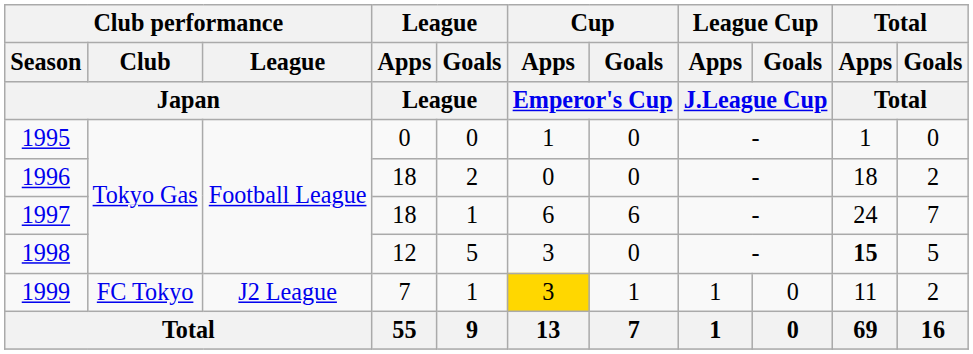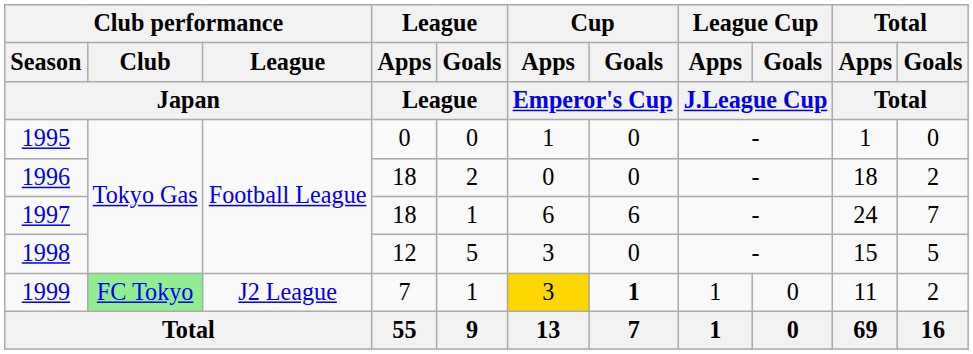 <table class="wikitable" style="text-align:center;">
 <tr>
 <th colspan=3>Club performance</th>
 <th colspan=2>League</th>
 <th colspan=2>Cup</th>
 <th colspan=2>League Cup</th>
 <th colspan=2>Total</th>
 </tr>
 <tr>
 <th>Season</th>
 <th>Club</th>
 <th>League</th>
 <th>Apps</th>
 <th>Goals</th>
 <th>Apps</th>
 <th>Goals</th>
 <th>Apps</th>
 <th>Goals</th>
 <th>Apps</th>
 <th>Goals</th>
 </tr>
 <tr>
 <th colspan=3>Japan</th>
 <th colspan=2>League</th>
 <th colspan=2><a href='#'>Emperor's Cup</a></th>
 <th colspan=2><a href='#'>J.League Cup</a></th>
 <th colspan=2>Total</th>
 </tr>
 <tr>
 <td><a href='#'>1995</a></td>
 <td rowspan="4"><a href='#'>Tokyo Gas</a></td>
 <td rowspan="4"><a href='#'>Football League</a></td>
 <td>0</td>
 <td>0</td>
 <td>1</td>
 <td>0</td>
 <td colspan="2">-</td>
 <td>1</td>
 <td>0</td>
 </tr>
 <tr>
 <td><a href='#'>1996</a></td>
 <td>18</td>
 <td>2</td>
 <td>0</td>
 <td>0</td>
 <td colspan="2">-</td>
 <td>18</td>
 <td>2</td>
 </tr>
 <tr>
 <td><a href='#'>1997</a></td>
 <td>18</td>
 <td>1</td>
 <td>6</td>
 <td>6</td>
 <td colspan="2">-</td>
 <td>24</td>
 <td>7</td>
 </tr>
 <tr>
 <td><a href='#'>1998</a></td>
 <td>12</td>
 <td>5</td>
 <td>3</td>
 <td>0</td>
 <td colspan="2">-</td>
-<td><strong>15</strong></td>
+<td>15</td>
 <td>5</td>
 </tr>
 <tr>
 <td><a href='#'>1999</a></td>
-<td><a href='#'>FC Tokyo</a></td>
+<td style="background: lightgreen;"><a href='#'>FC Tokyo</a></td>
 <td><a href='#'>J2 League</a></td>
 <td>7</td>
 <td>1</td>
 <td style="background: gold;">3</td>
-<td>1</td>
+<td><strong>1</strong></td>
 <td>1</td>
 <td>0</td>
 <td>11</td>
 <td>2</td>
 </tr>
 <tr>
 <th colspan=3>Total</th>
 <th>55</th>
 <th>9</th>
 <th>13</th>
 <th>7</th>
 <th>1</th>
 <th>0</th>
 <th>69</th>
 <th>16</th>
 </tr>
 </table>
